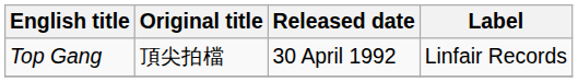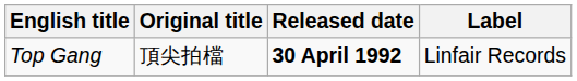 <table class="wikitable">
 <tr>
 <th>English title</th>
 <th>Original title</th>
 <th>Released date</th>
 <th>Label</th>
 </tr>
 <tr>
 <td><em>Top Gang</em></td>
 <td>頂尖拍檔</td>
-<td>30 April 1992</td>
+<td><strong>30 April 1992</strong></td>
 <td>Linfair Records</td>
 </tr>
 <tr>
 </tr>
 </table>
